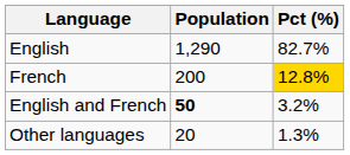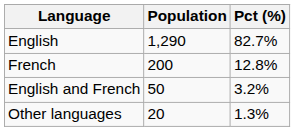 <table class="wikitable">
 <tr>
 </tr>
 <tr>
 <th>Language</th>
 <th>Population</th>
 <th>Pct (%)</th>
 </tr>
 <tr>
 <td>English</td>
 <td>1,290</td>
 <td>82.7%</td>
 </tr>
 <tr>
 <td>French</td>
 <td>200</td>
-<td style="background: gold;">12.8%</td>
+<td>12.8%</td>
 </tr>
 <tr>
 <td>English and French</td>
-<td><strong>50</strong></td>
+<td>50</td>
 <td>3.2%</td>
 </tr>
 <tr>
 <td>Other languages</td>
 <td>20</td>
 <td>1.3%</td>
 </tr>
 </table>
